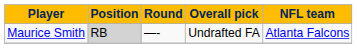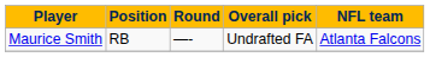 <table class="wikitable" border="1">
 <tr>
 <th style="background: #FFBC00; color: #002659">Player</th>
 <th style="background: #FFBC00; color: #002659">Position</th>
 <th style="background: #FFBC00; color: #002659">Round</th>
 <th style="background: #FFBC00; color: #002659">Overall pick</th>
 <th style="background: #FFBC00; color: #002659">NFL team</th>
 </tr>
 <tr>
 <td><a href='#'>Maurice Smith</a> </td>
-<td style="background: lightgrey;">RB</td>
+<td>RB</td>
 <td>—-</td>
 <td>Undrafted FA</td>
 <td><a href='#'>Atlanta Falcons</a></td>
 </tr>
 <tr>
 </tr>
 </table>
